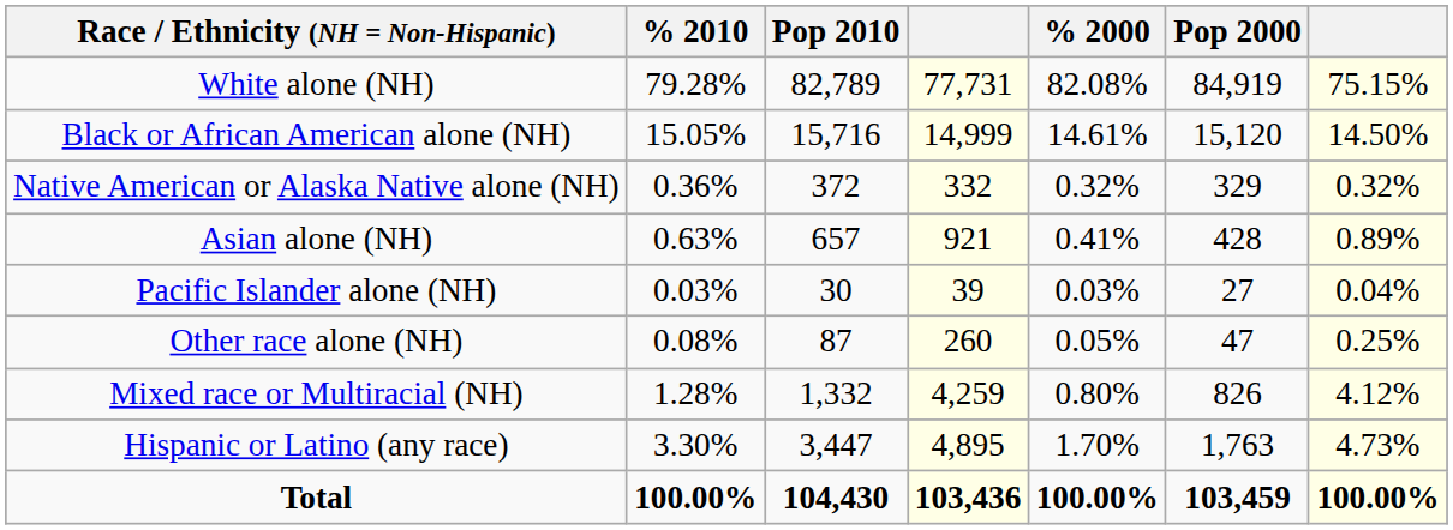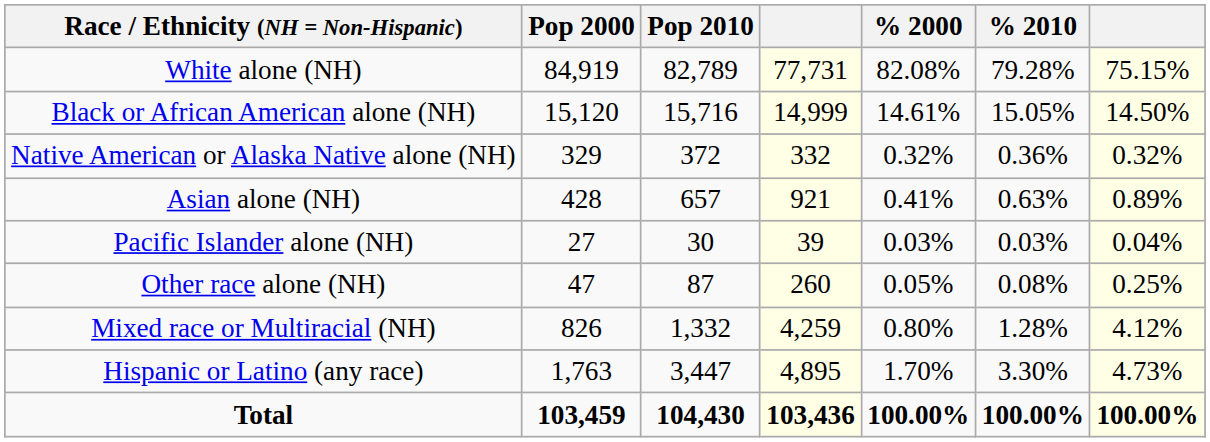 <table class="wikitable" style="text-align:center;">
 <tr>
 <th>Race / Ethnicity <small>(<em>NH = Non-Hispanic</em>)</small></th>
-<th>% 2010</th>
+<th>Pop 2000</th>
 <th>Pop 2010</th>
 <th></th>
 <th>% 2000</th>
-<th>Pop 2000</th>
+<th>% 2010</th>
 <th></th>
 </tr>
 <tr>
 <td><a href='#'>White</a> alone (NH)</td>
-<td>79.28%</td>
+<td>84,919</td>
 <td>82,789</td>
 <td style='background: #ffffe6;'>77,731</td>
 <td>82.08%</td>
-<td>84,919</td>
+<td>79.28%</td>
 <td style='background: #ffffe6;'>75.15%</td>
 </tr>
 <tr>
 <td><a href='#'>Black or African American</a> alone (NH)</td>
-<td>15.05%</td>
+<td>15,120</td>
 <td>15,716</td>
 <td style='background: #ffffe6;'>14,999</td>
 <td>14.61%</td>
-<td>15,120</td>
+<td>15.05%</td>
 <td style='background: #ffffe6;'>14.50%</td>
 </tr>
 <tr>
 <td><a href='#'>Native American</a> or <a href='#'>Alaska Native</a> alone (NH)</td>
-<td>0.36%</td>
+<td>329</td>
 <td>372</td>
 <td style='background: #ffffe6;'>332</td>
 <td>0.32%</td>
-<td>329</td>
+<td>0.36%</td>
 <td style='background: #ffffe6;'>0.32%</td>
 </tr>
 <tr>
 <td><a href='#'>Asian</a> alone (NH)</td>
-<td>0.63%</td>
+<td>428</td>
 <td>657</td>
 <td style='background: #ffffe6;'>921</td>
 <td>0.41%</td>
-<td>428</td>
+<td>0.63%</td>
 <td style='background: #ffffe6;'>0.89%</td>
 </tr>
 <tr>
 <td><a href='#'>Pacific Islander</a> alone (NH)</td>
-<td>0.03%</td>
+<td>27</td>
 <td>30</td>
 <td style='background: #ffffe6;'>39</td>
 <td>0.03%</td>
-<td>27</td>
+<td>0.03%</td>
 <td style='background: #ffffe6;'>0.04%</td>
 </tr>
 <tr>
 <td><a href='#'>Other race</a> alone (NH)</td>
-<td>0.08%</td>
+<td>47</td>
 <td>87</td>
 <td style='background: #ffffe6;'>260</td>
 <td>0.05%</td>
-<td>47</td>
+<td>0.08%</td>
 <td style='background: #ffffe6;'>0.25%</td>
 </tr>
 <tr>
 <td><a href='#'>Mixed race or Multiracial</a> (NH)</td>
-<td>1.28%</td>
+<td>826</td>
 <td>1,332</td>
 <td style='background: #ffffe6;'>4,259</td>
 <td>0.80%</td>
-<td>826</td>
+<td>1.28%</td>
 <td style='background: #ffffe6;'>4.12%</td>
 </tr>
 <tr>
 <td><a href='#'>Hispanic or Latino</a> (any race)</td>
-<td>3.30%</td>
+<td>1,763</td>
 <td>3,447</td>
 <td style='background: #ffffe6;'>4,895</td>
 <td>1.70%</td>
-<td>1,763</td>
+<td>3.30%</td>
 <td style='background: #ffffe6;'>4.73%</td>
 </tr>
 <tr>
 <td><strong>Total</strong></td>
-<td><strong>100.00%</strong></td>
+<td><strong>103,459</strong></td>
 <td><strong>104,430</strong></td>
 <td style='background: #ffffe6;'><strong>103,436</strong></td>
 <td><strong>100.00%</strong></td>
-<td><strong>103,459</strong></td>
+<td><strong>100.00%</strong></td>
 <td style='background: #ffffe6;'><strong>100.00%</strong></td>
 </tr>
 </table>
